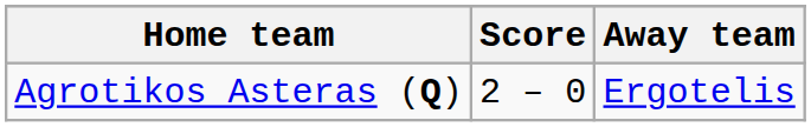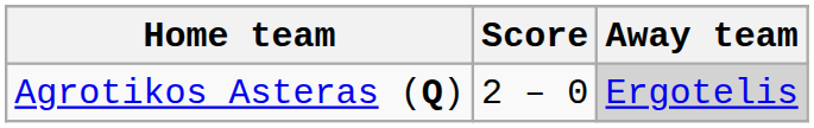 <table class="wikitable" style="text-align: center">
 <tr>
 </tr>
 <tr>
 <th>Home team</th>
 <th>Score</th>
 <th>Away team</th>
 </tr>
 <tr>
 <td><a href='#'>Agrotikos Asteras</a> (<strong>Q</strong>)</td>
 <td>2 – 0</td>
-<td><a href='#'>Ergotelis</a></td>
+<td style="background: lightgrey;"><a href='#'>Ergotelis</a></td>
 </tr>
 </table>
